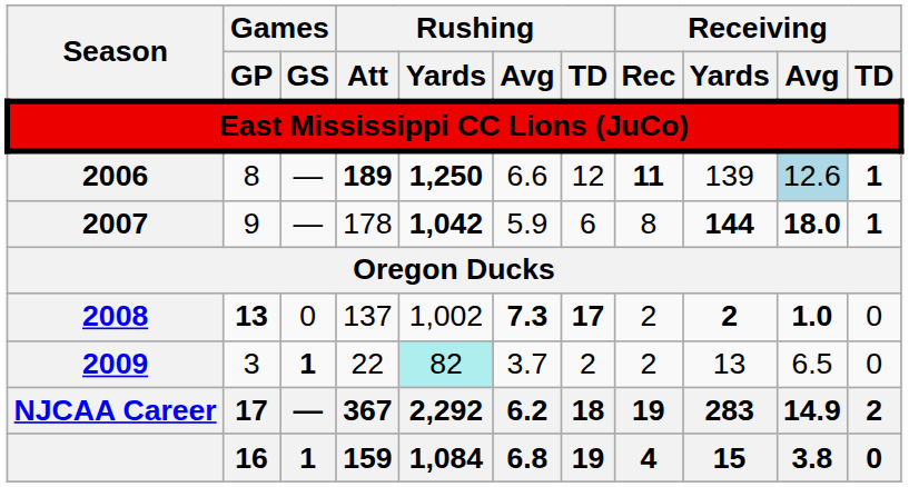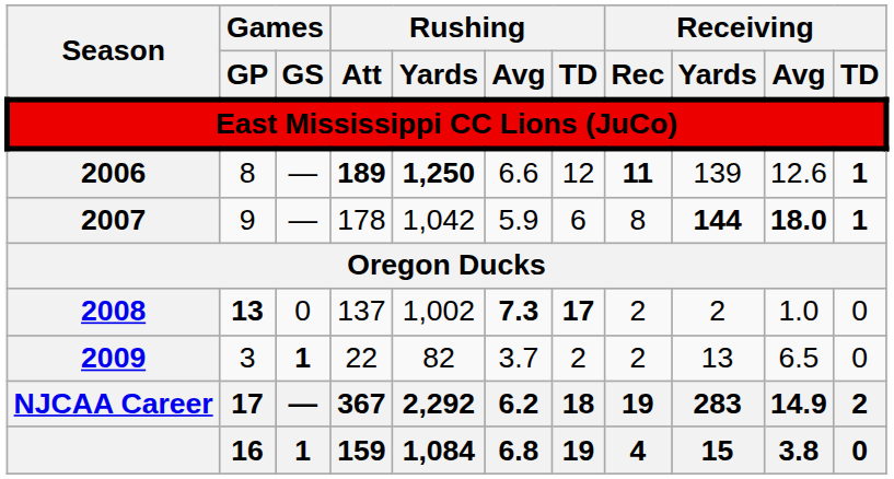 <table class="wikitable" style="text-align:center;">
 <tr>
 <th rowspan="2">Season</th>
 <th colspan="2">Games</th>
 <th colspan="4">Rushing</th>
 <th colspan="4">Receiving</th>
 </tr>
 <tr>
 <th>GP</th>
 <th>GS</th>
 <th>Att</th>
 <th>Yards</th>
 <th>Avg</th>
 <th>TD</th>
 <th>Rec</th>
 <th>Yards</th>
 <th>Avg</th>
 <th>TD</th>
 </tr>
 <tr>
 <th colspan="15" style="background: #ed0000; color: black; border: 3px solid black">East Mississippi CC Lions (JuCo)</th>
 </tr>
 <tr>
 <th>2006</th>
 <td>8</td>
 <td>—</td>
 <td><strong>189</strong></td>
 <td><strong>1,250</strong></td>
 <td>6.6</td>
 <td>12</td>
 <td><strong>11</strong></td>
 <td>139</td>
-<td style="background: lightblue;">12.6</td>
+<td>12.6</td>
 <td><strong>1</strong></td>
 </tr>
 <tr>
 <th>2007</th>
 <td>9</td>
 <td>—</td>
 <td>178</td>
-<td><strong>1,042</strong></td>
+<td>1,042</td>
 <td>5.9</td>
 <td>6</td>
 <td>8</td>
 <td><strong>144</strong></td>
 <td><strong>18.0</strong></td>
 <td><strong>1</strong></td>
 </tr>
 <tr>
 <th colspan="15">Oregon Ducks</th>
 </tr>
 <tr>
 <th><a href='#'>2008</a></th>
 <td><strong>13</strong></td>
 <td>0</td>
 <td>137</td>
 <td>1,002</td>
 <td><strong>7.3</strong></td>
 <td><strong>17</strong></td>
 <td>2</td>
-<td><strong>2</strong></td>
-<td><strong>1.0</strong></td>
+<td>2</td>
+<td>1.0</td>
 <td>0</td>
 </tr>
 <tr>
 <th><a href='#'>2009</a></th>
 <td>3</td>
 <td><strong>1</strong></td>
 <td>22</td>
-<td style="background: paleturquoise;">82</td>
+<td>82</td>
 <td>3.7</td>
 <td>2</td>
 <td>2</td>
 <td>13</td>
 <td>6.5</td>
 <td>0</td>
 </tr>
 <tr>
 <th><a href='#'>NJCAA Career</a></th>
 <th>17</th>
 <th>—</th>
 <th>367</th>
 <th>2,292</th>
 <th>6.2</th>
 <th>18</th>
 <th>19</th>
 <th>283</th>
 <th>14.9</th>
 <th>2</th>
 </tr>
 <tr>
 <th></th>
 <th>16</th>
 <th>1</th>
 <th>159</th>
 <th>1,084</th>
 <th>6.8</th>
 <th>19</th>
 <th>4</th>
 <th>15</th>
 <th>3.8</th>
 <th>0</th>
 </tr>
 </table>
